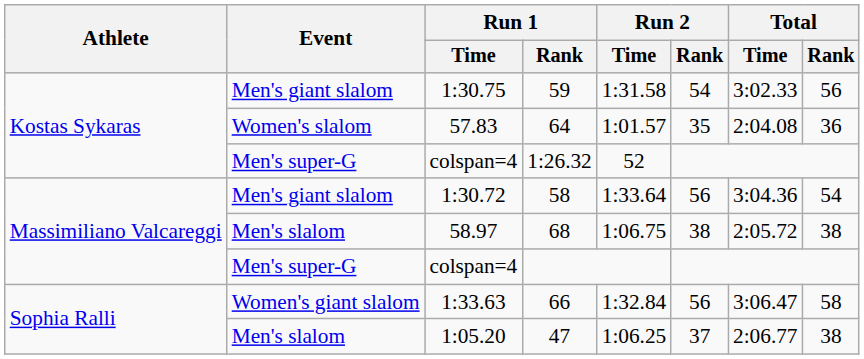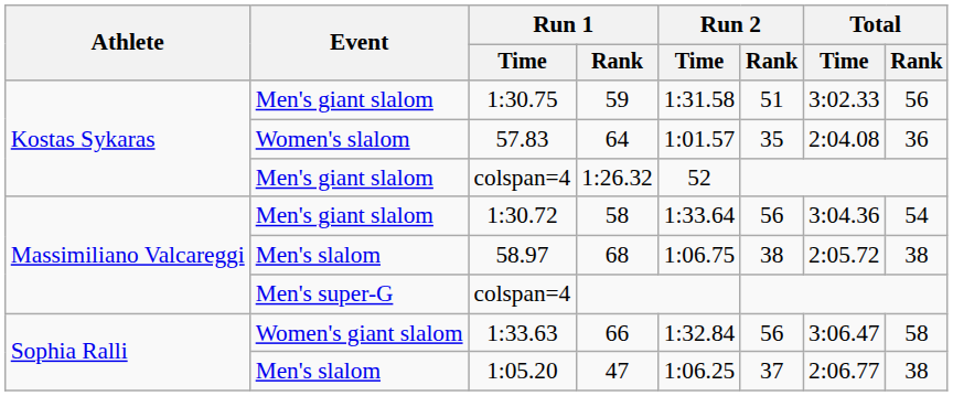 <table class="wikitable" style="font-size:90%">
 <tr>
 <th rowspan=2>Athlete</th>
 <th rowspan=2>Event</th>
 <th colspan=2>Run 1</th>
 <th colspan=2>Run 2</th>
 <th colspan=2>Total</th>
 </tr>
 <tr style="font-size:95%">
 <th>Time</th>
 <th>Rank</th>
 <th>Time</th>
 <th>Rank</th>
 <th>Time</th>
 <th>Rank</th>
 </tr>
 <tr align=center>
 <td align=left rowspan=3><a href='#'>Kostas Sykaras</a></td>
 <td align=left><a href='#'>Men's giant slalom</a></td>
 <td>1:30.75</td>
 <td>59</td>
 <td>1:31.58</td>
-<td>54</td>
+<td>51</td>
 <td>3:02.33</td>
 <td>56</td>
 </tr>
 <tr align=center>
 <td align=left><a href='#'>Women's slalom</a></td>
 <td>57.83</td>
 <td>64</td>
 <td>1:01.57</td>
 <td>35</td>
 <td>2:04.08</td>
 <td>36</td>
 </tr>
 <tr align=center>
-<td align=left><a href='#'>Men's super-G</a></td>
+<td align=left><a href='#'>Men's giant slalom</a></td>
 <td>colspan=4 </td>
 <td>1:26.32</td>
 <td>52</td>
 </tr>
 <tr align=center>
 <td align=left rowspan=3><a href='#'>Massimiliano Valcareggi</a></td>
 <td align=left><a href='#'>Men's giant slalom</a></td>
 <td>1:30.72</td>
 <td>58</td>
 <td>1:33.64</td>
 <td>56</td>
 <td>3:04.36</td>
 <td>54</td>
 </tr>
 <tr align=center>
 <td align=left><a href='#'>Men's slalom</a></td>
 <td>58.97</td>
 <td>68</td>
 <td>1:06.75</td>
 <td>38</td>
 <td>2:05.72</td>
 <td>38</td>
 </tr>
 <tr align=center>
 <td align=left><a href='#'>Men's super-G</a></td>
 <td>colspan=4 </td>
 <td colspan="2"></td>
 </tr>
 <tr align=center>
 <td align=left rowspan=2><a href='#'>Sophia Ralli</a></td>
 <td align=left><a href='#'>Women's giant slalom</a></td>
 <td>1:33.63</td>
 <td>66</td>
 <td>1:32.84</td>
 <td>56</td>
 <td>3:06.47</td>
 <td>58</td>
 </tr>
 <tr align=center>
 <td align=left><a href='#'>Men's slalom</a></td>
 <td>1:05.20</td>
 <td>47</td>
 <td>1:06.25</td>
 <td>37</td>
 <td>2:06.77</td>
 <td>38</td>
 </tr>
 </table>
